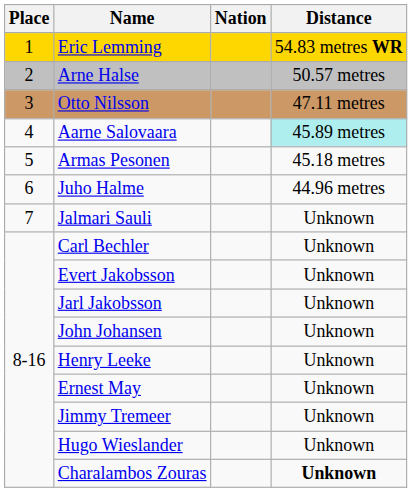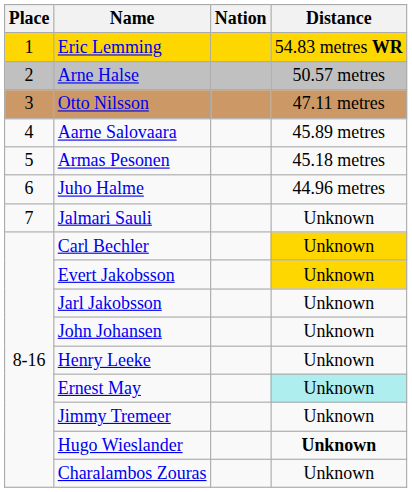 <table class=wikitable>
 <tr>
 <th>Place</th>
 <th>Name</th>
 <th>Nation</th>
 <th>Distance</th>
 </tr>
 <tr bgcolor=gold>
 <td align=center>1</td>
 <td><a href='#'>Eric Lemming</a></td>
 <td></td>
 <td align=center>54.83 metres <strong>WR</strong></td>
 </tr>
 <tr bgcolor=silver>
 <td align=center>2</td>
 <td><a href='#'>Arne Halse</a></td>
 <td></td>
 <td align=center>50.57 metres</td>
 </tr>
 <tr bgcolor=cc9966>
 <td align=center>3</td>
 <td><a href='#'>Otto Nilsson</a></td>
 <td></td>
 <td align=center>47.11 metres</td>
 </tr>
 <tr>
 <td align=center>4</td>
 <td><a href='#'>Aarne Salovaara</a></td>
 <td></td>
-<td align=center style="background: paleturquoise;">45.89 metres</td>
+<td align=center>45.89 metres</td>
 </tr>
 <tr>
 <td align=center>5</td>
 <td><a href='#'>Armas Pesonen</a></td>
 <td></td>
 <td align=center>45.18 metres</td>
 </tr>
 <tr>
 <td align=center>6</td>
 <td><a href='#'>Juho Halme</a></td>
 <td></td>
 <td align=center>44.96 metres</td>
 </tr>
 <tr>
 <td align=center>7</td>
 <td><a href='#'>Jalmari Sauli</a></td>
 <td></td>
 <td align=center>Unknown</td>
 </tr>
 <tr>
 <td align=center rowspan=9>8-16</td>
 <td><a href='#'>Carl Bechler</a></td>
 <td></td>
-<td align=center>Unknown</td>
+<td align=center style="background: gold;">Unknown</td>
 </tr>
 <tr>
 <td><a href='#'>Evert Jakobsson</a></td>
 <td></td>
-<td align=center>Unknown</td>
+<td align=center style="background: gold;">Unknown</td>
 </tr>
 <tr>
 <td><a href='#'>Jarl Jakobsson</a></td>
 <td></td>
 <td align=center>Unknown</td>
 </tr>
 <tr>
 <td><a href='#'>John Johansen</a></td>
 <td></td>
 <td align=center>Unknown</td>
 </tr>
 <tr>
 <td><a href='#'>Henry Leeke</a></td>
 <td></td>
 <td align=center>Unknown</td>
 </tr>
 <tr>
 <td><a href='#'>Ernest May</a></td>
 <td></td>
-<td align=center>Unknown</td>
+<td align=center style="background: paleturquoise;">Unknown</td>
 </tr>
 <tr>
 <td><a href='#'>Jimmy Tremeer</a></td>
 <td></td>
 <td align=center>Unknown</td>
 </tr>
 <tr>
 <td><a href='#'>Hugo Wieslander</a></td>
 <td></td>
-<td align=center>Unknown</td>
+<td align=center><strong>Unknown</strong></td>
 </tr>
 <tr>
 <td><a href='#'>Charalambos Zouras</a></td>
 <td></td>
-<td align=center><strong>Unknown</strong></td>
+<td align=center>Unknown</td>
 </tr>
 </table>
